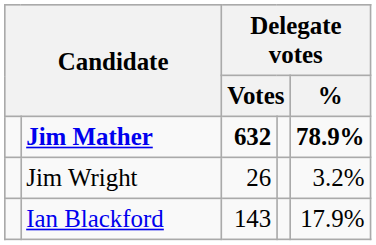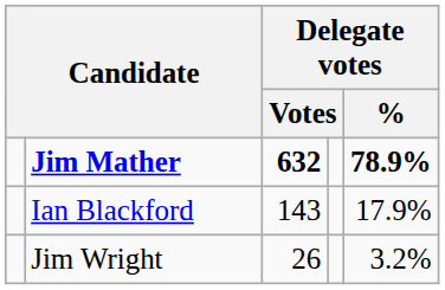 <table class="wikitable" style="font-size:95%;">
 <tr>
 <th colspan="2" scope="col" rowspan="2" width="125">Candidate</th>
 <th scope="col" colspan="3" width="75">Delegate votes</th>
 </tr>
 <tr>
 <th scope="col" colspan="2">Votes</th>
 <th>%</th>
 </tr>
 <tr align="right">
 <td style="background-color: "></td>
 <td scope="row" align="left"><strong><a href='#'>Jim Mather</a></strong> </td>
 <td><strong>632</strong></td>
 <td align=center></td>
 <td><strong>78.9%</strong></td>
 </tr>
 <tr align="right">
 <td style="background-color: "></td>
+<td scope="row" align="left"><a href='#'>Ian Blackford</a></td>
+<td>143</td>
+<td align=center></td>
+<td>17.9%</td>
+</tr>
+<tr align="right">
+<td style="background-color: "></td>
 <td scope="row" align="left">Jim Wright</td>
 <td>26</td>
 <td align=center></td>
 <td>3.2%</td>
 </tr>
-<tr align="right">
-<td style="background-color: "></td>
-<td scope="row" align="left"><a href='#'>Ian Blackford</a></td>
-<td>143</td>
-<td align=center></td>
-<td>17.9%</td>
-</tr>
 </table>
